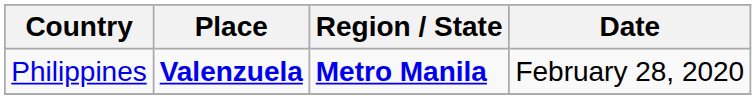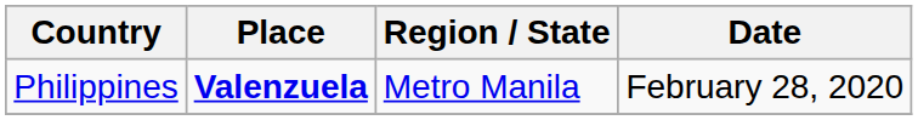 <table class="wikitable">
 <tr>
 <th>Country</th>
 <th>Place</th>
 <th>Region / State</th>
 <th>Date</th>
 </tr>
 <tr>
 <td> <a href='#'>Philippines</a></td>
 <td> <strong><a href='#'>Valenzuela</a></strong></td>
-<td><strong><a href='#'>Metro Manila</a></strong></td>
+<td><a href='#'>Metro Manila</a></td>
 <td>February 28, 2020</td>
 </tr>
 <tr>
 </tr>
 </table>
